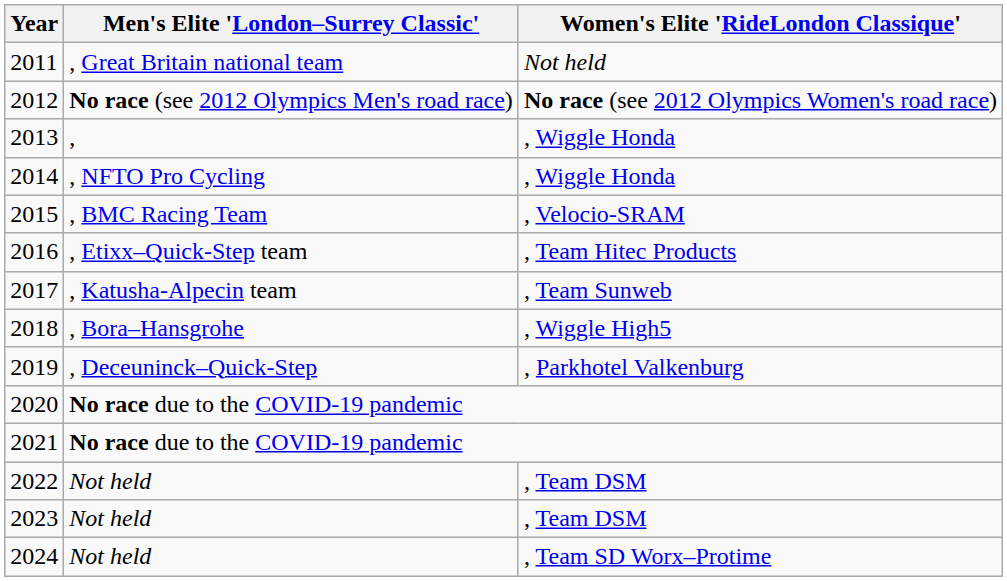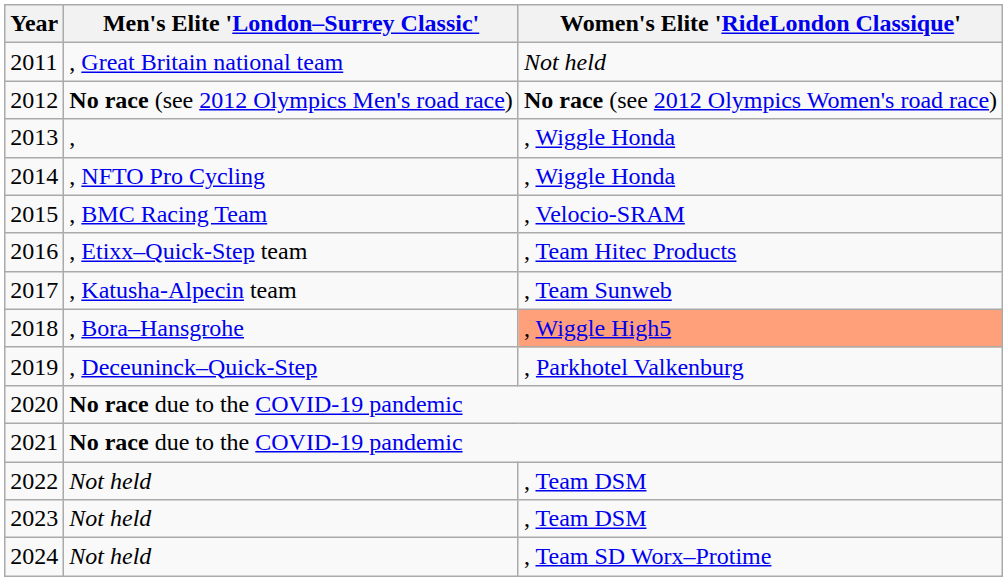 <table class="wikitable">
 <tr>
 <th>Year</th>
 <th>Men's Elite '<a href='#'>London–Surrey Classic'</a></th>
 <th>Women's Elite '<a href='#'>RideLondon Classique</a>'</th>
 </tr>
 <tr>
 <td>2011</td>
 <td>, <a href='#'>Great Britain national team</a></td>
 <td><em>Not held</em></td>
 </tr>
 <tr>
 <td>2012</td>
 <td><strong>No race</strong> (see <a href='#'>2012 Olympics Men's road race</a>)</td>
 <td><strong>No race</strong> (see <a href='#'>2012 Olympics Women's road race</a>)</td>
 </tr>
 <tr>
 <td>2013</td>
 <td>, </td>
 <td>, <a href='#'>Wiggle Honda</a></td>
 </tr>
 <tr>
 <td>2014</td>
 <td>, <a href='#'>NFTO Pro Cycling</a></td>
 <td>, <a href='#'>Wiggle Honda</a></td>
 </tr>
 <tr>
 <td>2015</td>
 <td>, <a href='#'>BMC Racing Team</a></td>
 <td>, <a href='#'>Velocio-SRAM</a></td>
 </tr>
 <tr>
 <td>2016</td>
 <td>, <a href='#'>Etixx–Quick-Step</a> team</td>
 <td>, <a href='#'>Team Hitec Products</a></td>
 </tr>
 <tr>
 <td>2017</td>
 <td>, <a href='#'>Katusha-Alpecin</a> team</td>
 <td>, <a href='#'>Team Sunweb</a></td>
 </tr>
 <tr>
 <td>2018</td>
 <td>, <a href='#'>Bora–Hansgrohe</a></td>
-<td>, <a href='#'>Wiggle High5</a></td>
+<td style="background: lightsalmon;">, <a href='#'>Wiggle High5</a></td>
 </tr>
 <tr>
 <td>2019</td>
 <td>, <a href='#'>Deceuninck–Quick-Step</a></td>
 <td>, <a href='#'>Parkhotel Valkenburg</a></td>
 </tr>
 <tr>
 <td>2020</td>
 <td colspan="2"><strong>No race</strong> due to the <a href='#'>COVID-19 pandemic</a></td>
 </tr>
 <tr>
 <td>2021</td>
 <td colspan="2"><strong>No race</strong> due to the <a href='#'>COVID-19 pandemic</a></td>
 </tr>
 <tr>
 <td>2022</td>
 <td><em>Not held</em></td>
 <td>, <a href='#'>Team DSM</a></td>
 </tr>
 <tr>
 <td>2023</td>
 <td><em>Not held</em></td>
 <td>, <a href='#'>Team DSM</a></td>
 </tr>
 <tr>
 <td>2024</td>
 <td><em>Not held</em></td>
 <td>, <a href='#'>Team SD Worx–Protime</a></td>
 </tr>
 </table>
